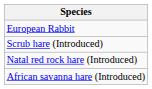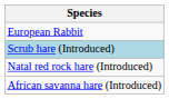 <table class="wikitable">
 <tr>
 <th>Species</th>
 </tr>
 <tr>
 <td><a href='#'>European Rabbit</a></td>
 </tr>
 <tr>
-<td><a href='#'>Scrub hare</a>  (Introduced)</td>
+<td style="background: lightblue;"><a href='#'>Scrub hare</a>  (Introduced)</td>
 </tr>
 <tr>
 <td><a href='#'>Natal red rock hare</a> (Introduced)</td>
 </tr>
 <tr>
 <td><a href='#'>African savanna hare</a> (Introduced)</td>
 </tr>
 </table>
